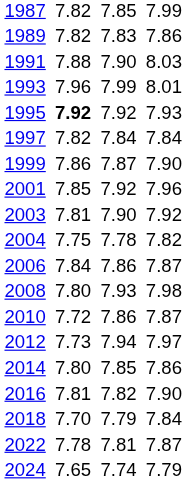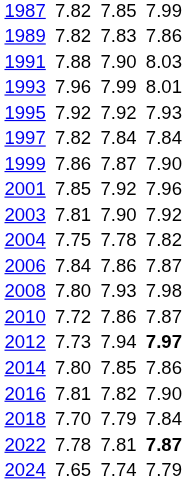 <table>
 <tr valign="top">
 <td><a href='#'>1987</a><br></td>
 <td></td>
 <td>7.82</td>
 <td></td>
 <td>7.85</td>
 <td></td>
 <td>7.99</td>
 </tr>
 <tr valign="top">
 <td><a href='#'>1989</a><br></td>
 <td></td>
 <td>7.82 </td>
 <td></td>
 <td>7.83</td>
 <td></td>
 <td>7.86</td>
 </tr>
 <tr valign="top">
 <td><a href='#'>1991</a><br></td>
 <td></td>
 <td>7.88</td>
 <td></td>
 <td>7.90</td>
 <td></td>
 <td>8.03</td>
 </tr>
 <tr valign="top">
 <td><a href='#'>1993</a><br></td>
 <td></td>
 <td>7.96</td>
 <td></td>
 <td>7.99</td>
 <td></td>
 <td>8.01</td>
 </tr>
 <tr valign="top">
 <td><a href='#'>1995</a><br></td>
 <td></td>
-<td><strong>7.92</strong></td>
+<td>7.92</td>
 <td></td>
 <td>7.92</td>
 <td></td>
 <td>7.93</td>
 </tr>
 <tr valign="top">
 <td><a href='#'>1997</a><br></td>
 <td></td>
 <td>7.82 </td>
 <td></td>
 <td>7.84 </td>
 <td></td>
 <td>7.84 </td>
 </tr>
 <tr valign="top">
 <td><a href='#'>1999</a><br></td>
 <td></td>
 <td>7.86</td>
 <td></td>
 <td>7.87</td>
 <td></td>
 <td>7.90 </td>
 </tr>
 <tr valign="top">
 <td><a href='#'>2001</a><br></td>
 <td></td>
 <td>7.85 </td>
 <td></td>
 <td>7.92</td>
 <td></td>
 <td>7.96</td>
 </tr>
 <tr valign="top">
 <td><a href='#'>2003</a><br></td>
 <td></td>
 <td>7.81</td>
 <td></td>
 <td>7.90</td>
 <td></td>
 <td>7.92</td>
 </tr>
 <tr valign="top">
 <td><a href='#'>2004</a><br></td>
 <td></td>
 <td>7.75 </td>
 <td></td>
 <td>7.78</td>
 <td></td>
 <td>7.82 </td>
 </tr>
 <tr valign="top">
 <td><a href='#'>2006</a><br></td>
 <td></td>
 <td>7.84 </td>
 <td></td>
 <td>7.86 </td>
 <td></td>
 <td>7.87</td>
 </tr>
 <tr valign="top">
 <td><a href='#'>2008</a><br></td>
 <td></td>
 <td>7.80</td>
 <td></td>
 <td>7.93</td>
 <td></td>
 <td>7.98</td>
 </tr>
 <tr valign="top">
 <td><a href='#'>2010</a><br></td>
 <td></td>
 <td>7.72 </td>
 <td></td>
 <td>7.86 </td>
 <td></td>
 <td>7.87</td>
 </tr>
 <tr valign="top">
 <td><a href='#'>2012</a><br></td>
 <td></td>
 <td>7.73 </td>
 <td></td>
 <td>7.94</td>
 <td></td>
-<td>7.97 </td>
+<td><strong>7.97 </strong></td>
 </tr>
 <tr valign="top">
 <td><a href='#'>2014</a><br></td>
 <td></td>
 <td>7.80 </td>
 <td></td>
 <td>7.85</td>
 <td></td>
 <td>7.86 </td>
 </tr>
 <tr valign="top">
 <td><a href='#'>2016</a><br></td>
 <td></td>
 <td>7.81 </td>
 <td></td>
 <td>7.82</td>
 <td></td>
 <td>7.90</td>
 </tr>
 <tr valign="top">
 <td><a href='#'>2018</a><br></td>
 <td></td>
 <td>7.70 </td>
 <td></td>
 <td>7.79</td>
 <td></td>
 <td>7.84</td>
 </tr>
 <tr valign="top">
 <td><a href='#'>2022</a><br></td>
 <td></td>
 <td>7.78 </td>
 <td></td>
 <td>7.81 </td>
 <td></td>
-<td>7.87</td>
+<td><strong>7.87</strong></td>
 </tr>
 <tr valign="top">
 <td><a href='#'>2024</a><br></td>
 <td></td>
 <td>7.65 </td>
 <td></td>
 <td>7.74</td>
 <td></td>
 <td>7.79</td>
 </tr>
 </table>
